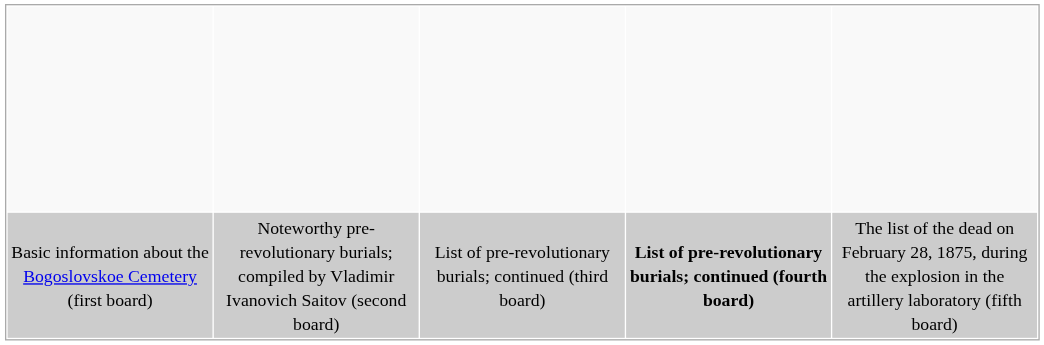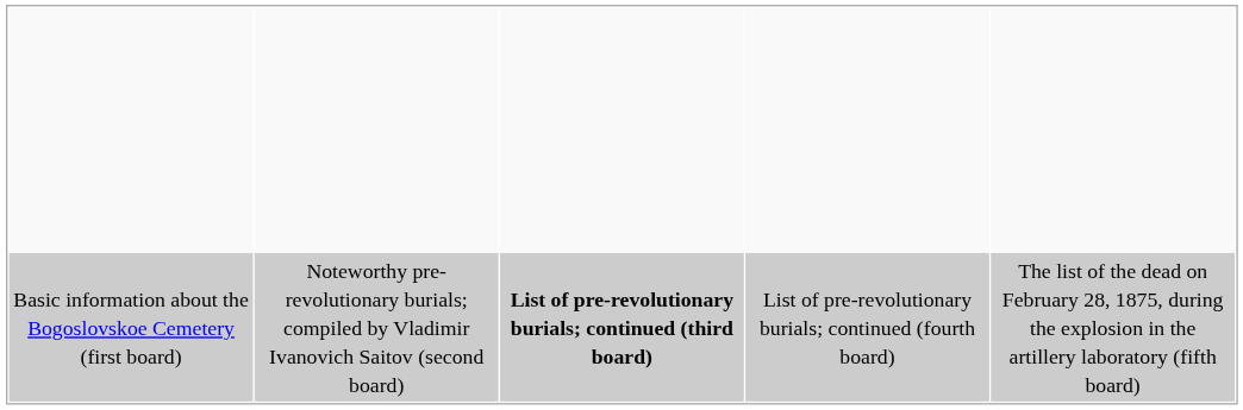 <table border="0" cellpadding="2" cellspacing="1" style="border:1px solid #aaa" align=center>
 <tr align=center>
 <td height="150px" bgcolor="#F9F9F9"></td>
 <td height="150px" bgcolor="#F9F9F9"></td>
 <td height="150px" bgcolor="#F9F9F9"></td>
 <td height="150px" bgcolor="#F9F9F9"></td>
 <td height="150px" bgcolor="#F9F9F9"></td>
 </tr>
 <tr align=center>
 <td width="150px" colspan="1" bgcolor="#CCCCCC"><small>Basic information about the <a href='#'>Bogoslovskoe Cemetery</a> (first board)</small></td>
 <td width="150px" colspan="1" bgcolor="#CCCCCC"><small>Noteworthy pre-revolutionary burials; compiled by Vladimir Ivanovich Saitov (second board)</small></td>
-<td width="150px" colspan="1" bgcolor="#CCCCCC"><small>List of pre-revolutionary burials; continued (third board)</small></td>
-<td width="150px" colspan="1" bgcolor="#CCCCCC"><strong><small>List of pre-revolutionary burials; continued (fourth board)</small></strong></td>
+<td width="150px" colspan="1" bgcolor="#CCCCCC"><strong><small>List of pre-revolutionary burials; continued (third board)</small></strong></td>
+<td width="150px" colspan="1" bgcolor="#CCCCCC"><small>List of pre-revolutionary burials; continued (fourth board)</small></td>
 <td width="150px" colspan="1" bgcolor="#CCCCCC"><small>The list of the dead on February 28, 1875, during the explosion in the artillery laboratory (fifth board)</small></td>
 </tr>
 </table>
